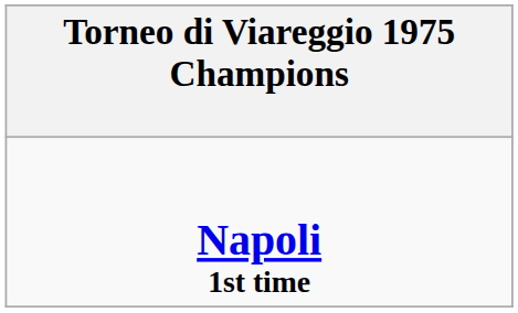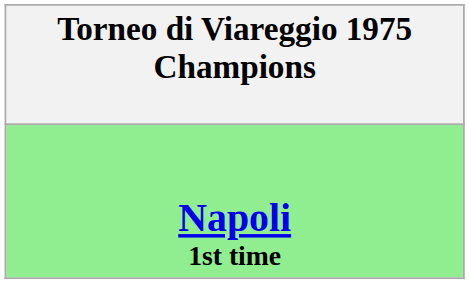 <table class="wikitable" style="margin: 0 auto; width: 30%;">
 <tr>
 <th><big>Torneo di Viareggio 1975 Champions</big><br><br></th>
 </tr>
 <tr>
-<td align=center><br><br><big><big><strong><a href='#'>Napoli</a></strong><br></big></big><strong>1st time</strong></td>
+<td align=center style="background: lightgreen;"><br><br><big><big><strong><a href='#'>Napoli</a></strong><br></big></big><strong>1st time</strong></td>
 </tr>
 </table>
